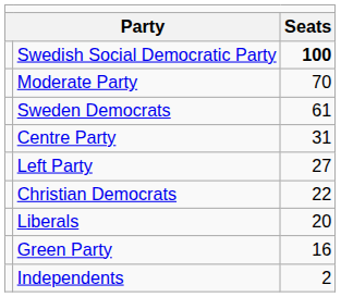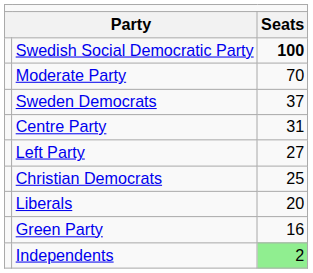 <table class="wikitable" style="text-align:right">
 <tr>
 <td colspan="7"></td>
 </tr>
 <tr>
 <th colspan="2">Party</th>
 <th>Seats</th>
 </tr>
 <tr>
 <td></td>
 <td align="left"><a href='#'>Swedish Social Democratic Party</a></td>
 <td><strong>100</strong></td>
 </tr>
 <tr>
 <td></td>
 <td align="left"><a href='#'>Moderate Party</a></td>
 <td>70</td>
 </tr>
 <tr>
 <td></td>
 <td align="left"><a href='#'>Sweden Democrats</a></td>
-<td>61</td>
+<td>37</td>
 </tr>
 <tr>
 <td></td>
 <td align="left"><a href='#'>Centre Party</a></td>
 <td>31</td>
 </tr>
 <tr>
 <td></td>
 <td align="left"><a href='#'>Left Party</a></td>
 <td>27</td>
 </tr>
 <tr>
 <td></td>
 <td align="left"><a href='#'>Christian Democrats</a></td>
-<td>22</td>
+<td>25</td>
 </tr>
 <tr>
 <td></td>
 <td align="left"><a href='#'>Liberals</a></td>
 <td>20</td>
 </tr>
 <tr>
 <td></td>
 <td align="left"><a href='#'>Green Party</a></td>
 <td>16</td>
 </tr>
 <tr>
 <td></td>
 <td align="left"><a href='#'>Independents</a></td>
-<td>2</td>
+<td style="background: lightgreen;">2</td>
 </tr>
 </table>
